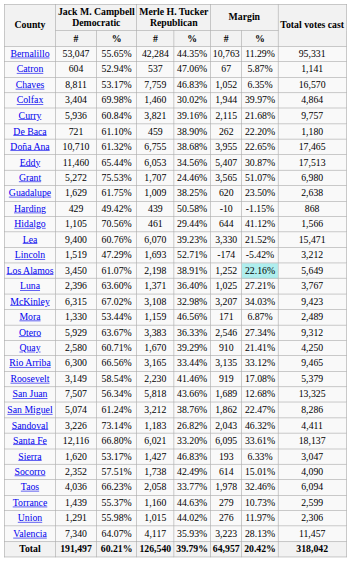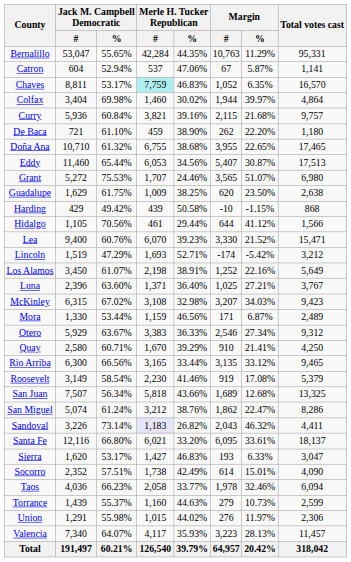 <table class="wikitable sortable" style="text-align:center">
 <tr>
 <th style="text-align:center;" rowspan="2">County</th>
 <th style="text-align:center;" colspan="2">Jack M. Campbell<br>Democratic</th>
 <th style="text-align:center;" colspan="2">Merle H. Tucker<br>Republican</th>
 <th style="text-align:center;" colspan="2">Margin</th>
 <th style="text-align:center;" rowspan="2">Total votes cast</th>
 </tr>
 <tr>
 <th style="text-align:center;" data-sort-type="number">#</th>
 <th style="text-align:center;" data-sort-type="number">%</th>
 <th style="text-align:center;" data-sort-type="number">#</th>
 <th style="text-align:center;" data-sort-type="number">%</th>
 <th style="text-align:center;" data-sort-type="number">#</th>
 <th style="text-align:center;" data-sort-type="number">%</th>
 </tr>
 <tr style="text-align:center;">
 <td><a href='#'>Bernalillo</a></td>
 <td>53,047</td>
 <td>55.65%</td>
 <td>42,284</td>
 <td>44.35%</td>
 <td>10,763</td>
 <td>11.29%</td>
 <td>95,331</td>
 </tr>
 <tr style="text-align:center;">
 <td><a href='#'>Catron</a></td>
 <td>604</td>
 <td>52.94%</td>
 <td>537</td>
 <td>47.06%</td>
 <td>67</td>
 <td>5.87%</td>
 <td>1,141</td>
 </tr>
 <tr style="text-align:center;">
 <td><a href='#'>Chaves</a></td>
 <td>8,811</td>
 <td>53.17%</td>
-<td>7,759</td>
+<td style="background: paleturquoise;">7,759</td>
 <td>46.83%</td>
 <td>1,052</td>
 <td>6.35%</td>
 <td>16,570</td>
 </tr>
 <tr style="text-align:center;">
 <td><a href='#'>Colfax</a></td>
 <td>3,404</td>
 <td>69.98%</td>
 <td>1,460</td>
 <td>30.02%</td>
 <td>1,944</td>
 <td>39.97%</td>
 <td>4,864</td>
 </tr>
 <tr style="text-align:center;">
 <td><a href='#'>Curry</a></td>
 <td>5,936</td>
 <td>60.84%</td>
 <td>3,821</td>
 <td>39.16%</td>
 <td>2,115</td>
 <td>21.68%</td>
 <td>9,757</td>
 </tr>
 <tr style="text-align:center;">
 <td><a href='#'>De Baca</a></td>
 <td>721</td>
 <td>61.10%</td>
 <td>459</td>
 <td>38.90%</td>
 <td>262</td>
 <td>22.20%</td>
 <td>1,180</td>
 </tr>
 <tr style="text-align:center;">
 <td><a href='#'>Doña Ana</a></td>
 <td>10,710</td>
 <td>61.32%</td>
 <td>6,755</td>
 <td>38.68%</td>
 <td>3,955</td>
 <td>22.65%</td>
 <td>17,465</td>
 </tr>
 <tr style="text-align:center;">
 <td><a href='#'>Eddy</a></td>
 <td>11,460</td>
 <td>65.44%</td>
 <td>6,053</td>
 <td>34.56%</td>
 <td>5,407</td>
 <td>30.87%</td>
 <td>17,513</td>
 </tr>
 <tr style="text-align:center;">
 <td><a href='#'>Grant</a></td>
 <td>5,272</td>
 <td>75.53%</td>
 <td>1,707</td>
 <td>24.46%</td>
 <td>3,565</td>
 <td>51.07%</td>
 <td>6,980</td>
 </tr>
 <tr style="text-align:center;">
 <td><a href='#'>Guadalupe</a></td>
 <td>1,629</td>
 <td>61.75%</td>
 <td>1,009</td>
 <td>38.25%</td>
 <td>620</td>
 <td>23.50%</td>
 <td>2,638</td>
 </tr>
 <tr style="text-align:center;">
 <td><a href='#'>Harding</a></td>
 <td>429</td>
 <td>49.42%</td>
 <td>439</td>
 <td>50.58%</td>
 <td>-10</td>
 <td>-1.15%</td>
 <td>868</td>
 </tr>
 <tr style="text-align:center;">
 <td><a href='#'>Hidalgo</a></td>
 <td>1,105</td>
 <td>70.56%</td>
 <td>461</td>
 <td>29.44%</td>
 <td>644</td>
 <td>41.12%</td>
 <td>1,566</td>
 </tr>
 <tr style="text-align:center;">
 <td><a href='#'>Lea</a></td>
 <td>9,400</td>
 <td>60.76%</td>
 <td>6,070</td>
 <td>39.23%</td>
 <td>3,330</td>
 <td>21.52%</td>
 <td>15,471</td>
 </tr>
 <tr style="text-align:center;">
 <td><a href='#'>Lincoln</a></td>
 <td>1,519</td>
 <td>47.29%</td>
 <td>1,693</td>
 <td>52.71%</td>
 <td>-174</td>
 <td>-5.42%</td>
 <td>3,212</td>
 </tr>
 <tr style="text-align:center;">
 <td><a href='#'>Los Alamos</a></td>
 <td>3,450</td>
 <td>61.07%</td>
 <td>2,198</td>
 <td>38.91%</td>
 <td>1,252</td>
-<td style="background: paleturquoise;">22.16%</td>
+<td>22.16%</td>
 <td>5,649</td>
 </tr>
 <tr style="text-align:center;">
 <td><a href='#'>Luna</a></td>
 <td>2,396</td>
 <td>63.60%</td>
 <td>1,371</td>
 <td>36.40%</td>
 <td>1,025</td>
 <td>27.21%</td>
 <td>3,767</td>
 </tr>
 <tr style="text-align:center;">
 <td><a href='#'>McKinley</a></td>
 <td>6,315</td>
 <td>67.02%</td>
 <td>3,108</td>
 <td>32.98%</td>
 <td>3,207</td>
 <td>34.03%</td>
 <td>9,423</td>
 </tr>
 <tr style="text-align:center;">
 <td><a href='#'>Mora</a></td>
 <td>1,330</td>
 <td>53.44%</td>
 <td>1,159</td>
 <td>46.56%</td>
 <td>171</td>
 <td>6.87%</td>
 <td>2,489</td>
 </tr>
 <tr style="text-align:center;">
 <td><a href='#'>Otero</a></td>
 <td>5,929</td>
 <td>63.67%</td>
 <td>3,383</td>
 <td>36.33%</td>
 <td>2,546</td>
 <td>27.34%</td>
 <td>9,312</td>
 </tr>
 <tr style="text-align:center;">
 <td><a href='#'>Quay</a></td>
 <td>2,580</td>
 <td>60.71%</td>
 <td>1,670</td>
 <td>39.29%</td>
 <td>910</td>
 <td>21.41%</td>
 <td>4,250</td>
 </tr>
 <tr style="text-align:center;">
 <td><a href='#'>Rio Arriba</a></td>
 <td>6,300</td>
 <td>66.56%</td>
 <td>3,165</td>
 <td>33.44%</td>
 <td>3,135</td>
 <td>33.12%</td>
 <td>9,465</td>
 </tr>
 <tr style="text-align:center;">
 <td><a href='#'>Roosevelt</a></td>
 <td>3,149</td>
 <td>58.54%</td>
 <td>2,230</td>
 <td>41.46%</td>
 <td>919</td>
 <td>17.08%</td>
 <td>5,379</td>
 </tr>
 <tr style="text-align:center;">
 <td><a href='#'>San Juan</a></td>
 <td>7,507</td>
 <td>56.34%</td>
 <td>5,818</td>
 <td>43.66%</td>
 <td>1,689</td>
 <td>12.68%</td>
 <td>13,325</td>
 </tr>
 <tr style="text-align:center;">
 <td><a href='#'>San Miguel</a></td>
 <td>5,074</td>
 <td>61.24%</td>
 <td>3,212</td>
 <td>38.76%</td>
 <td>1,862</td>
 <td>22.47%</td>
 <td>8,286</td>
 </tr>
 <tr style="text-align:center;">
 <td><a href='#'>Sandoval</a></td>
 <td>3,226</td>
 <td>73.14%</td>
-<td>1,183</td>
+<td style="background: lavender;">1,183</td>
 <td>26.82%</td>
 <td>2,043</td>
 <td>46.32%</td>
 <td>4,411</td>
 </tr>
 <tr style="text-align:center;">
 <td><a href='#'>Santa Fe</a></td>
 <td>12,116</td>
 <td>66.80%</td>
 <td>6,021</td>
 <td>33.20%</td>
 <td>6,095</td>
 <td>33.61%</td>
 <td>18,137</td>
 </tr>
 <tr style="text-align:center;">
 <td><a href='#'>Sierra</a></td>
 <td>1,620</td>
 <td>53.17%</td>
 <td>1,427</td>
 <td>46.83%</td>
 <td>193</td>
 <td>6.33%</td>
 <td>3,047</td>
 </tr>
 <tr style="text-align:center;">
 <td><a href='#'>Socorro</a></td>
 <td>2,352</td>
 <td>57.51%</td>
 <td>1,738</td>
 <td>42.49%</td>
 <td>614</td>
 <td>15.01%</td>
 <td>4,090</td>
 </tr>
 <tr style="text-align:center;">
 <td><a href='#'>Taos</a></td>
 <td>4,036</td>
 <td>66.23%</td>
 <td>2,058</td>
 <td>33.77%</td>
 <td>1,978</td>
 <td>32.46%</td>
 <td>6,094</td>
 </tr>
 <tr style="text-align:center;">
 <td><a href='#'>Torrance</a></td>
 <td>1,439</td>
 <td>55.37%</td>
 <td>1,160</td>
 <td>44.63%</td>
 <td>279</td>
 <td>10.73%</td>
 <td>2,599</td>
 </tr>
 <tr style="text-align:center;">
 <td><a href='#'>Union</a></td>
 <td>1,291</td>
 <td>55.98%</td>
 <td>1,015</td>
 <td>44.02%</td>
 <td>276</td>
 <td>11.97%</td>
 <td>2,306</td>
 </tr>
 <tr style="text-align:center;">
 <td><a href='#'>Valencia</a></td>
 <td>7,340</td>
 <td>64.07%</td>
 <td>4,117</td>
 <td>35.93%</td>
 <td>3,223</td>
 <td>28.13%</td>
 <td>11,457</td>
 </tr>
 <tr style="text-align:center;">
 <th>Total</th>
 <th>191,497</th>
 <th>60.21%</th>
 <th>126,540</th>
 <th>39.79%</th>
 <th>64,957</th>
 <th>20.42%</th>
 <th>318,042</th>
 </tr>
 </table>
